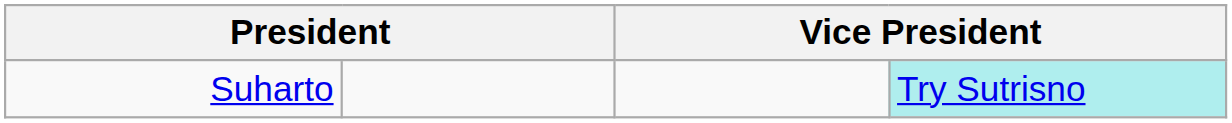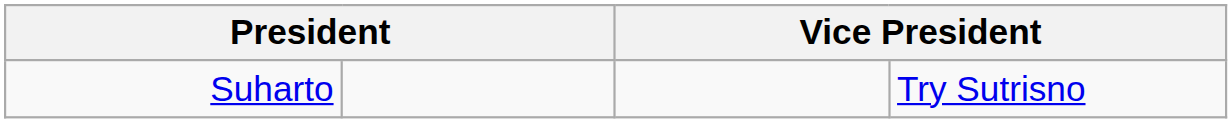 <table class="wikitable">
 <tr>
 <th colspan="2" width=270>President</th>
 <th colspan="2" width=270>Vice President</th>
 </tr>
 <tr>
 <td align="right"><a href='#'>Suharto</a></td>
 <td align="center" width=117></td>
 <td align="center" width=117></td>
-<td align="left" style="background: paleturquoise;"><a href='#'>Try Sutrisno</a></td>
+<td align="left"><a href='#'>Try Sutrisno</a></td>
 </tr>
 </table>
